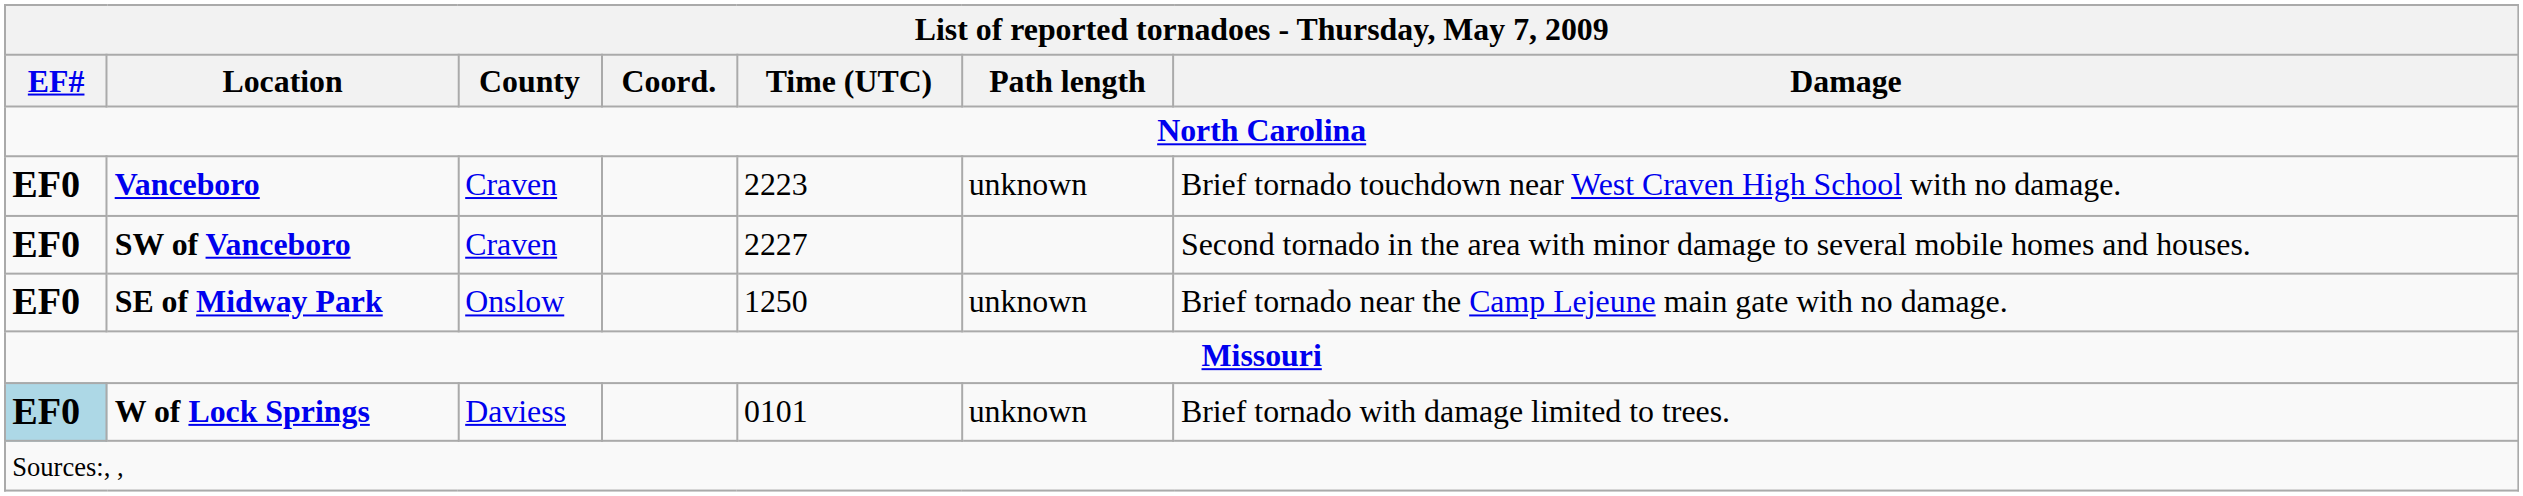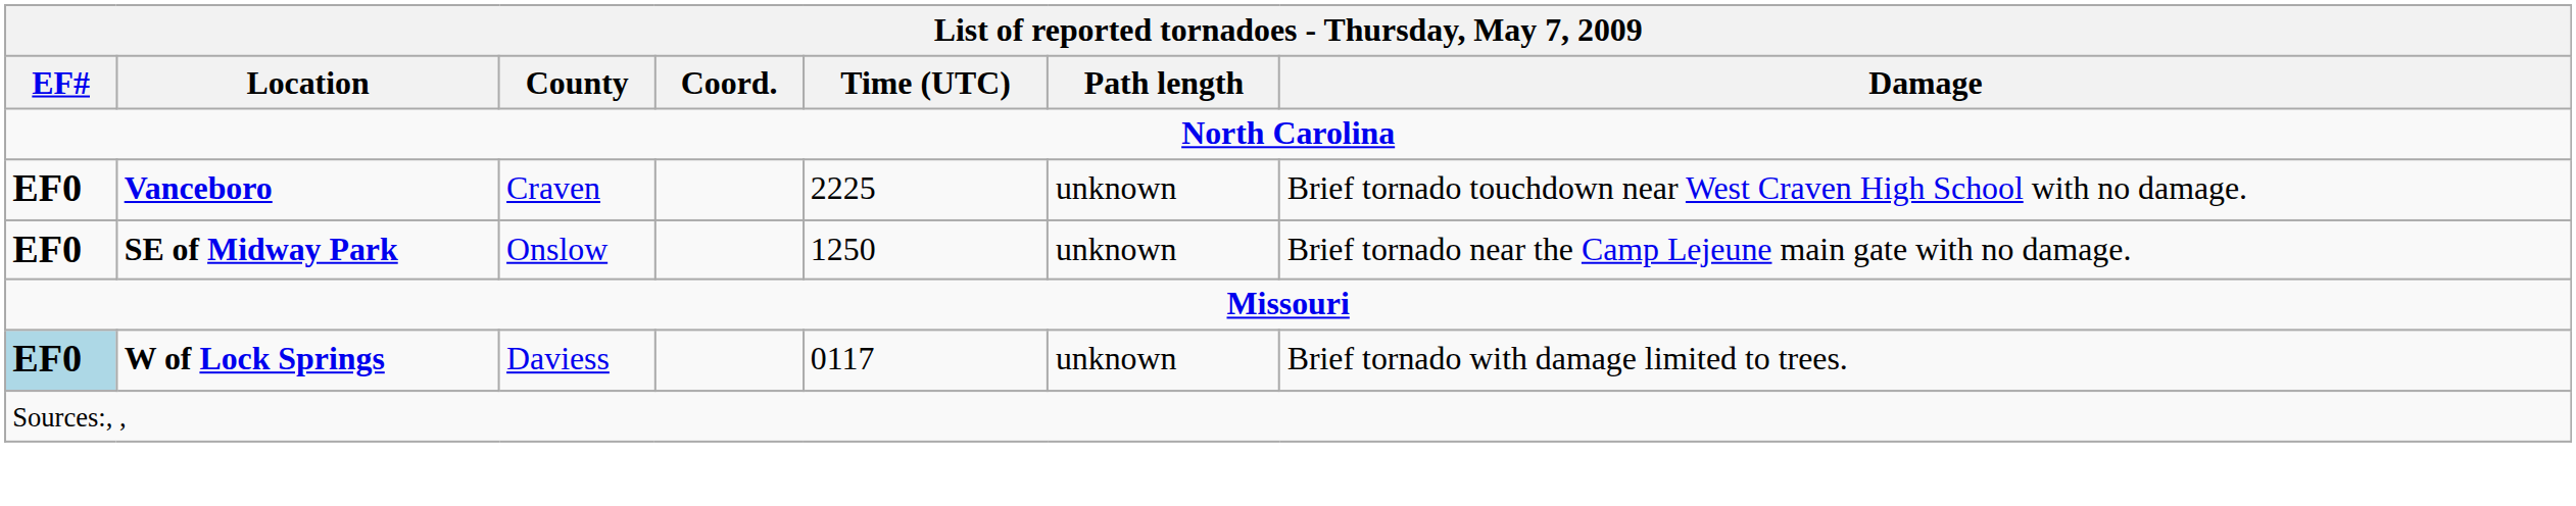 <table class="wikitable collapsible" width="100%">
 <tr>
 <th colspan="7">List of reported tornadoes - Thursday, May 7, 2009</th>
 </tr>
 <tr>
 <th><a href='#'>EF#</a></th>
 <th>Location</th>
 <th>County</th>
 <th>Coord.</th>
 <th>Time (UTC)</th>
 <th>Path length</th>
 <th>Damage</th>
 </tr>
 <tr>
 <td colspan="7" align=center><strong><a href='#'>North Carolina</a></strong></td>
 </tr>
 <tr>
 <td><big><strong>EF0</strong></big></td>
 <td><strong><a href='#'>Vanceboro</a></strong></td>
 <td><a href='#'>Craven</a></td>
 <td></td>
-<td>2223</td>
+<td>2225</td>
 <td>unknown</td>
 <td>Brief tornado touchdown near <a href='#'>West Craven High School</a> with no damage.</td>
-</tr>
-<tr>
-<td><big><strong>EF0</strong></big></td>
-<td><strong>SW of <a href='#'>Vanceboro</a></strong></td>
-<td><a href='#'>Craven</a></td>
-<td></td>
-<td>2227</td>
-<td></td>
-<td>Second tornado in the area with minor damage to several mobile homes and houses.</td>
 </tr>
 <tr>
 <td><big><strong>EF0</strong></big></td>
 <td><strong>SE of <a href='#'>Midway Park</a></strong></td>
 <td><a href='#'>Onslow</a></td>
 <td></td>
 <td>1250</td>
 <td>unknown</td>
 <td>Brief tornado near the <a href='#'>Camp Lejeune</a> main gate with no damage.</td>
 </tr>
 <tr>
 <td colspan="7" align=center><strong><a href='#'>Missouri</a></strong></td>
 </tr>
 <tr>
 <td style="background: lightblue;"><big><strong>EF0</strong></big></td>
 <td><strong>W of <a href='#'>Lock Springs</a></strong></td>
 <td><a href='#'>Daviess</a></td>
 <td></td>
-<td>0101</td>
+<td>0117</td>
 <td>unknown</td>
 <td>Brief tornado with damage limited to trees.</td>
 </tr>
 <tr>
 <td colspan="7"><small>Sources:, , </small></td>
 </tr>
 </table>
